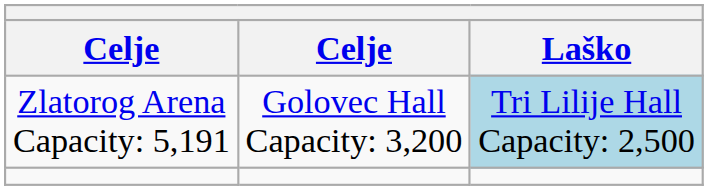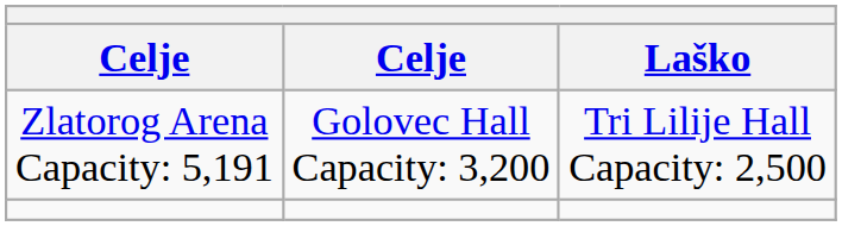 <table class="wikitable" style="text-align:center">
 <tr>
 <th rowspan="1" colspan="8"></th>
 </tr>
 <tr>
 <th><a href='#'>Celje</a></th>
 <th><a href='#'>Celje</a></th>
 <th><a href='#'>Laško</a></th>
 </tr>
 <tr>
 <td><a href='#'>Zlatorog Arena</a><br>Capacity: 5,191</td>
 <td><a href='#'>Golovec Hall</a><br>Capacity: 3,200</td>
-<td style="background: lightblue;"><a href='#'>Tri Lilije Hall</a><br>Capacity: 2,500</td>
+<td><a href='#'>Tri Lilije Hall</a><br>Capacity: 2,500</td>
 </tr>
 <tr>
 <td></td>
 <td></td>
 <td></td>
 </tr>
 </table>
